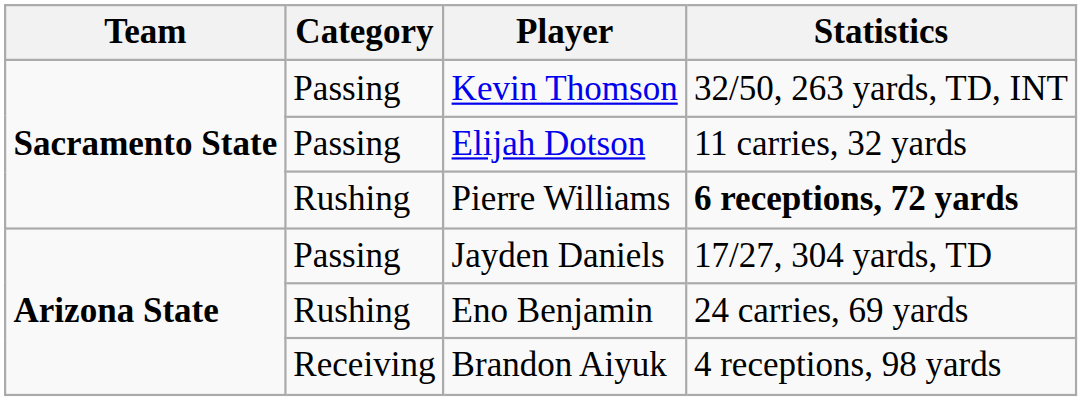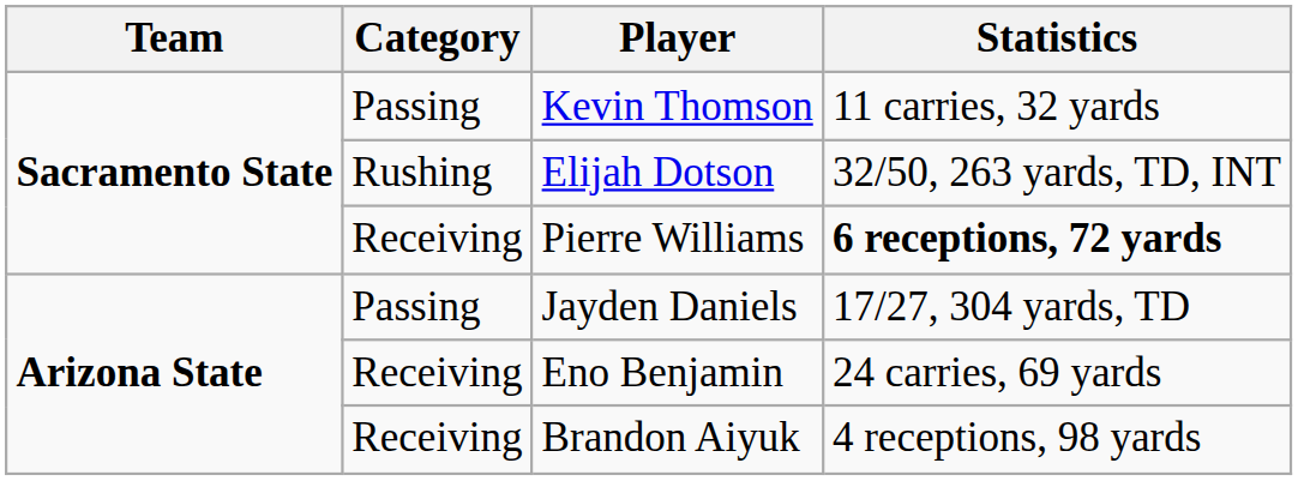 <table class="wikitable" style="float: right;">
 <tr>
 <th>Team</th>
 <th>Category</th>
 <th>Player</th>
 <th>Statistics</th>
 </tr>
 <tr>
 <td rowspan=3><strong>Sacramento State</strong></td>
 <td>Passing</td>
 <td><a href='#'>Kevin Thomson</a></td>
-<td>32/50, 263 yards, TD, INT</td>
-</tr>
-<tr>
-<td>Passing</td>
-<td><a href='#'>Elijah Dotson</a></td>
 <td>11 carries, 32 yards</td>
 </tr>
 <tr>
 <td>Rushing</td>
+<td><a href='#'>Elijah Dotson</a></td>
+<td>32/50, 263 yards, TD, INT</td>
+</tr>
+<tr>
+<td>Receiving</td>
 <td>Pierre Williams</td>
 <td><strong>6 receptions, 72 yards</strong></td>
 </tr>
 <tr>
 <td rowspan=3><strong>Arizona State</strong></td>
 <td>Passing</td>
 <td>Jayden Daniels</td>
 <td>17/27, 304 yards, TD</td>
 </tr>
 <tr>
-<td>Rushing</td>
+<td>Receiving</td>
 <td>Eno Benjamin</td>
 <td>24 carries, 69 yards</td>
 </tr>
 <tr>
 <td>Receiving</td>
 <td>Brandon Aiyuk</td>
 <td>4 receptions, 98 yards</td>
 </tr>
 </table>
